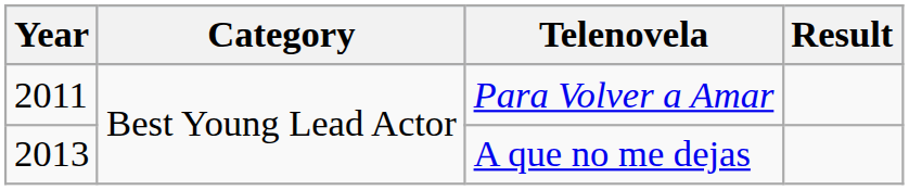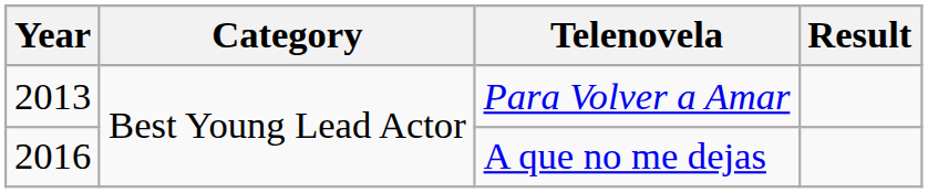 <table class="wikitable">
 <tr style="background:#b0c4de;">
 <th>Year</th>
 <th>Category</th>
 <th>Telenovela</th>
 <th>Result</th>
 </tr>
 <tr>
-<td>2011</td>
+<td>2013</td>
 <td rowspan="2">Best Young Lead Actor</td>
 <td><em><a href='#'>Para Volver a Amar</a></em></td>
 <td></td>
 </tr>
 <tr>
-<td>2013</td>
+<td>2016</td>
 <td><a href='#'>A que no me dejas</a></td>
 <td></td>
 </tr>
 </table>
